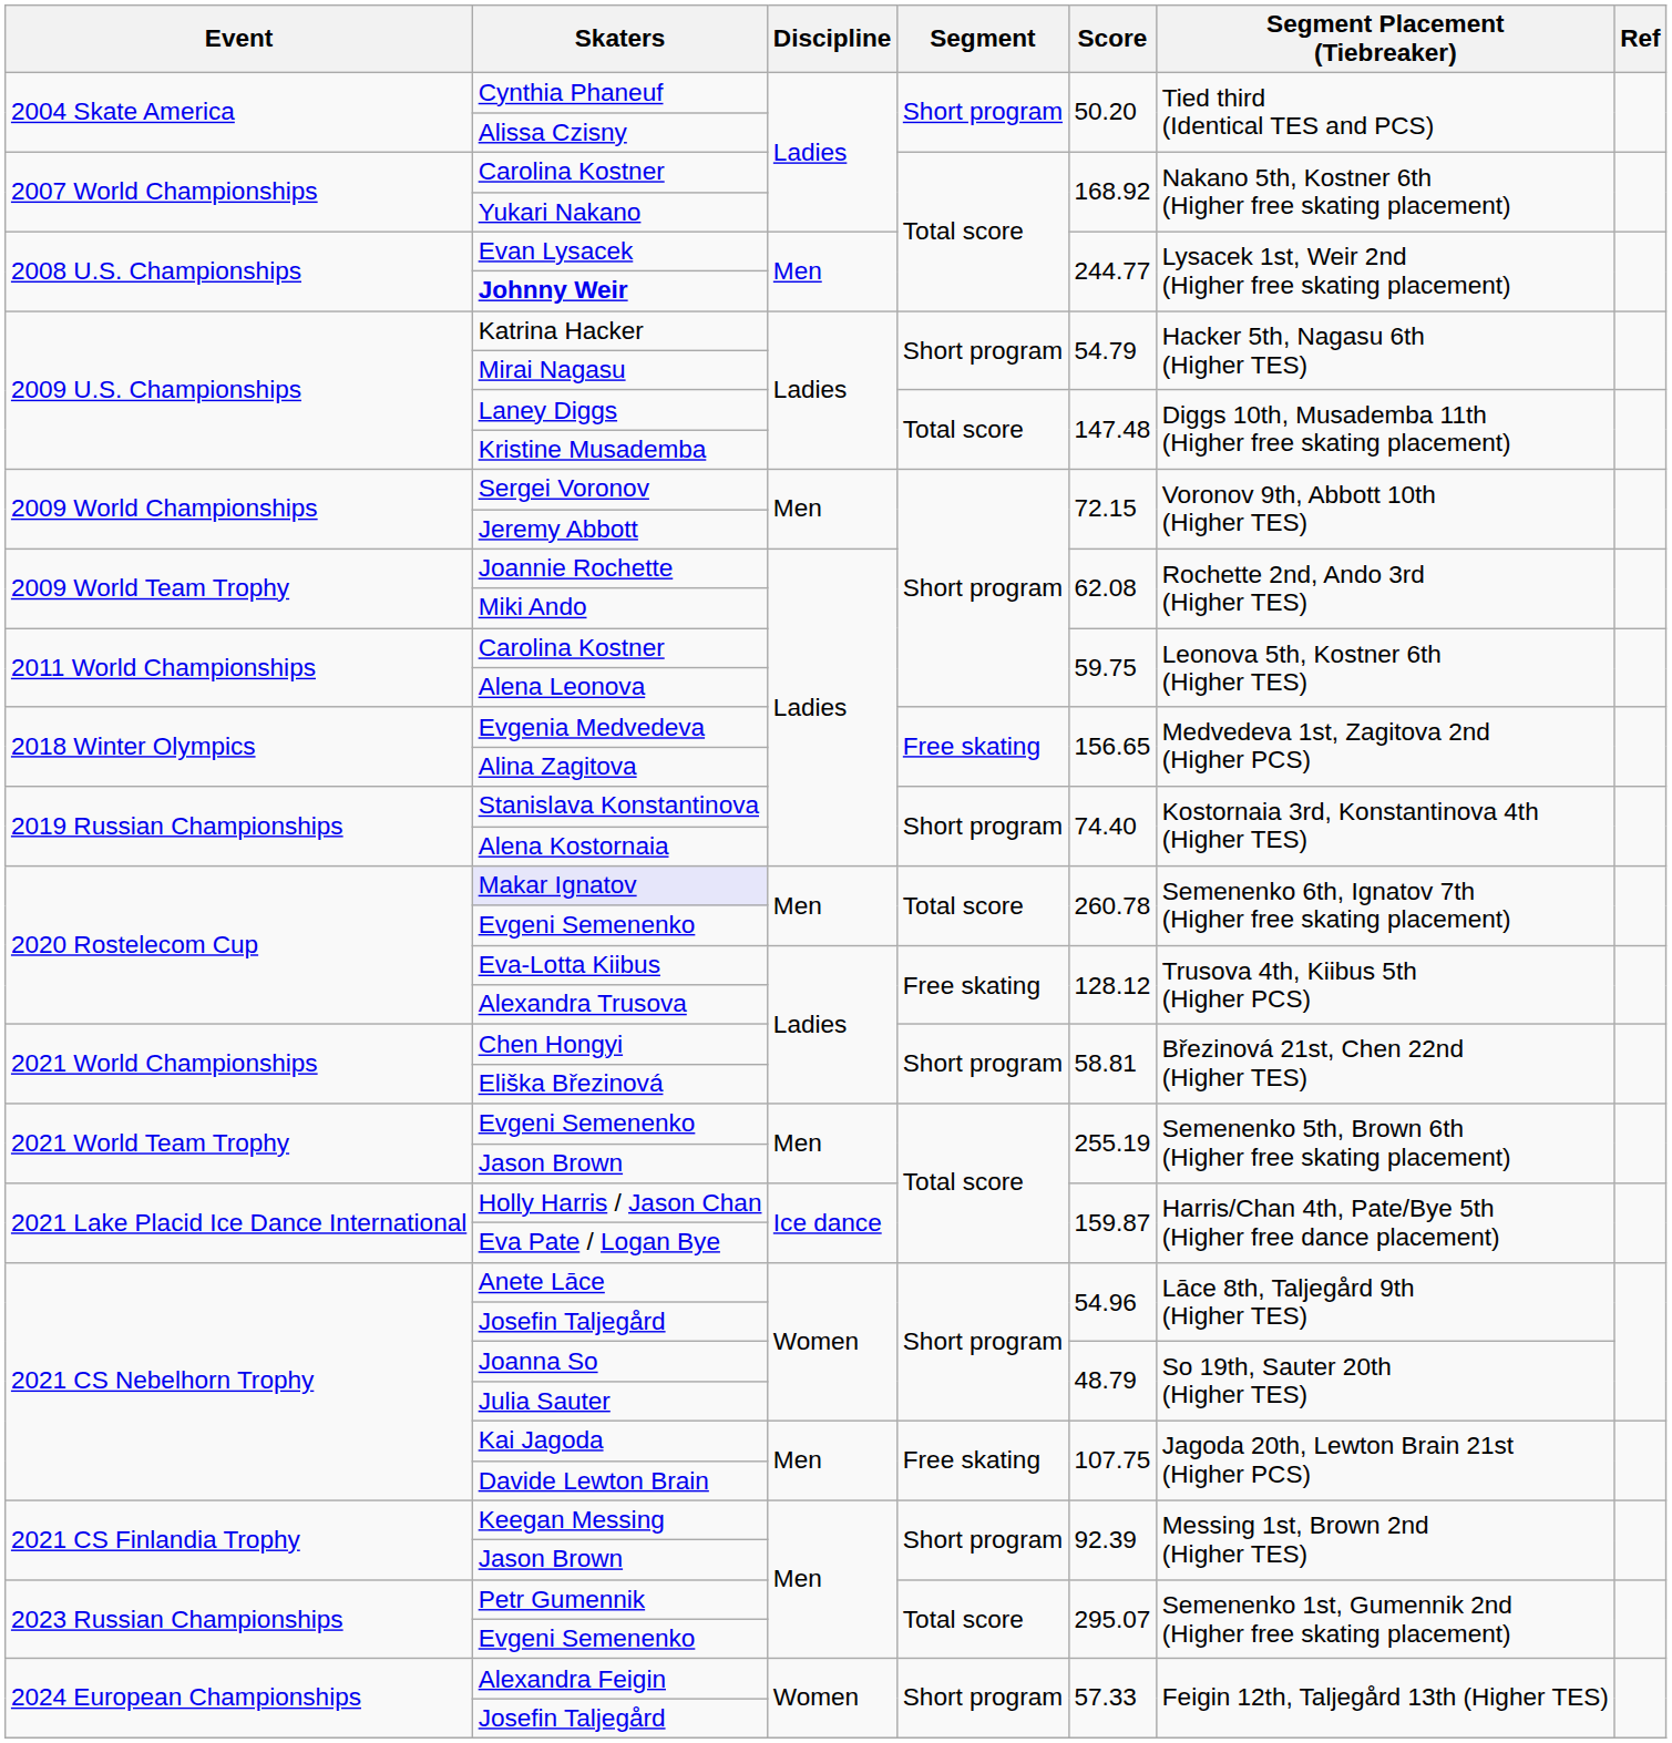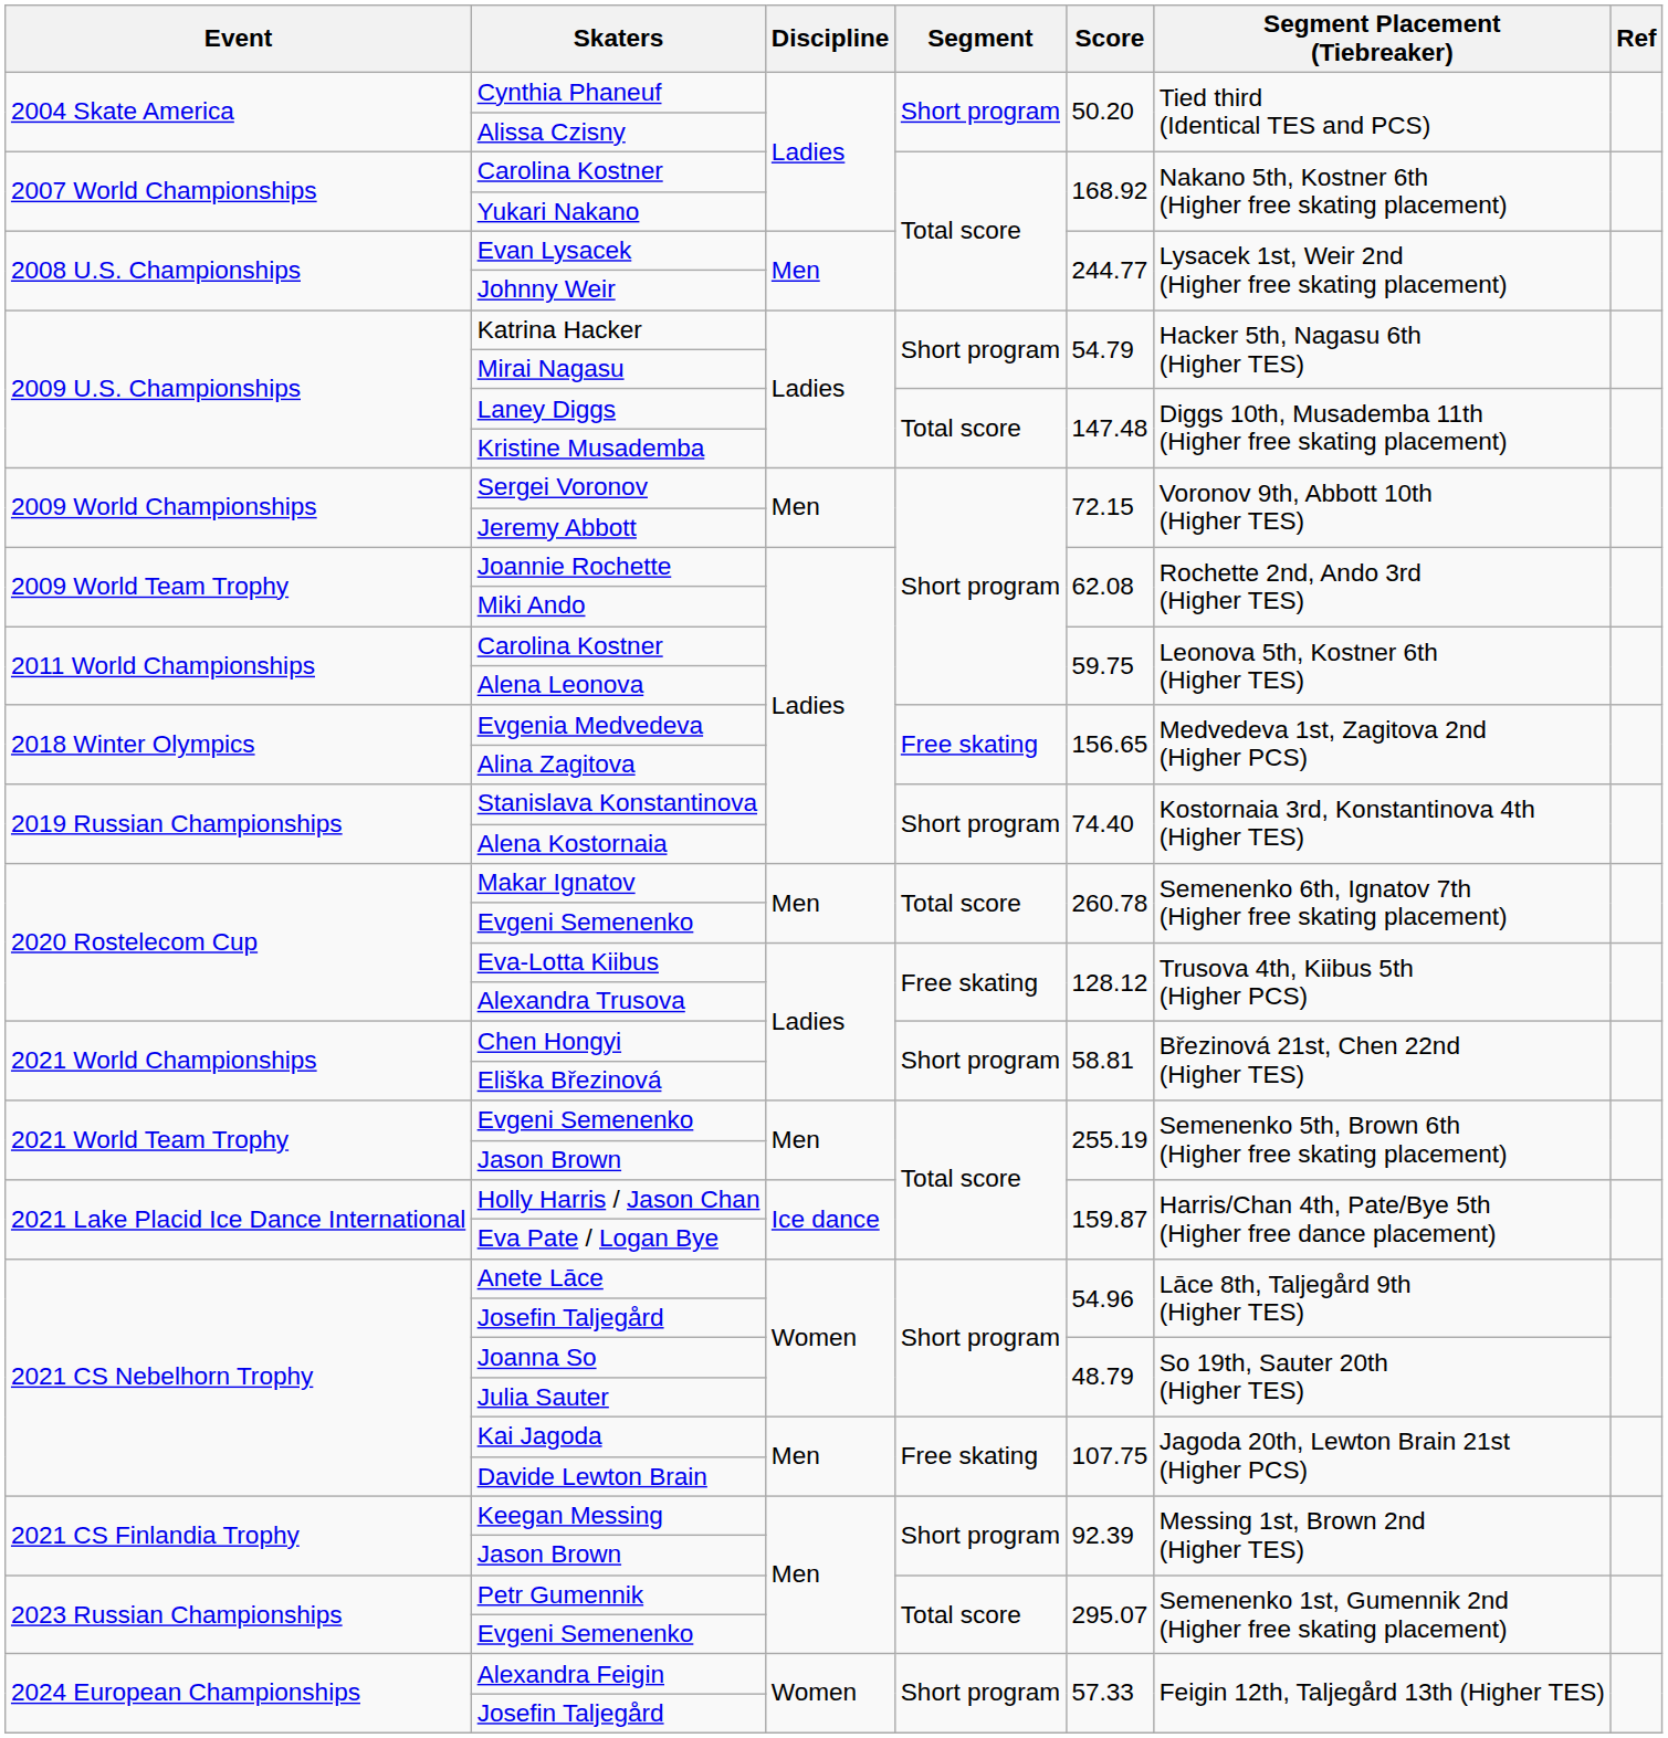 <table class="wikitable" style="text-align:left">
 <tr>
 <th>Event</th>
 <th>Skaters</th>
 <th>Discipline</th>
 <th>Segment</th>
 <th>Score</th>
 <th>Segment Placement<br>(Tiebreaker)</th>
 <th>Ref</th>
 </tr>
 <tr>
 <td rowspan=2><a href='#'>2004 Skate America</a></td>
 <td> <a href='#'>Cynthia Phaneuf</a></td>
 <td rowspan=4><a href='#'>Ladies</a></td>
 <td rowspan=2><a href='#'>Short program</a></td>
 <td rowspan=2>50.20</td>
 <td rowspan=2>Tied third <br> (Identical TES and PCS)</td>
 <td rowspan=2></td>
 </tr>
 <tr>
 <td> <a href='#'>Alissa Czisny</a></td>
 </tr>
 <tr>
 <td rowspan=2><a href='#'>2007 World Championships</a></td>
 <td> <a href='#'>Carolina Kostner</a></td>
 <td rowspan=4>Total score</td>
 <td rowspan=2>168.92</td>
 <td rowspan=2>Nakano 5th, Kostner 6th<br>(Higher free skating placement)</td>
 <td rowspan=2></td>
 </tr>
 <tr>
 <td> <a href='#'>Yukari Nakano</a></td>
 </tr>
 <tr>
 <td rowspan=2><a href='#'>2008 U.S. Championships</a></td>
 <td> <a href='#'>Evan Lysacek</a></td>
 <td rowspan=2><a href='#'>Men</a></td>
 <td rowspan=2>244.77</td>
 <td rowspan=2>Lysacek 1st, Weir 2nd<br>(Higher free skating placement)</td>
 <td rowspan=2></td>
 </tr>
 <tr>
-<td><strong> <a href='#'>Johnny Weir</a></strong></td>
+<td> <a href='#'>Johnny Weir</a></td>
 </tr>
 <tr>
 <td rowspan=4><a href='#'>2009 U.S. Championships</a></td>
 <td> Katrina Hacker</td>
 <td rowspan=4>Ladies</td>
 <td rowspan=2>Short program</td>
 <td rowspan=2>54.79</td>
 <td rowspan=2>Hacker 5th, Nagasu 6th<br>(Higher TES)</td>
 <td rowspan=2></td>
 </tr>
 <tr>
 <td> <a href='#'>Mirai Nagasu</a></td>
 </tr>
 <tr>
 <td> <a href='#'>Laney Diggs</a></td>
 <td rowspan=2>Total score</td>
 <td rowspan=2>147.48</td>
 <td rowspan=2>Diggs 10th, Musademba 11th<br>(Higher free skating placement)</td>
 <td rowspan=2></td>
 </tr>
 <tr>
 <td> <a href='#'>Kristine Musademba</a></td>
 </tr>
 <tr>
 <td rowspan=2><a href='#'>2009 World Championships</a></td>
 <td> <a href='#'>Sergei Voronov</a></td>
 <td rowspan=2>Men</td>
 <td rowspan=6>Short program</td>
 <td rowspan=2>72.15</td>
 <td rowspan=2>Voronov 9th, Abbott 10th<br>(Higher TES)</td>
 <td rowspan=2></td>
 </tr>
 <tr>
 <td> <a href='#'>Jeremy Abbott</a></td>
 </tr>
 <tr>
 <td rowspan=2><a href='#'>2009 World Team Trophy</a></td>
 <td> <a href='#'>Joannie Rochette</a></td>
 <td rowspan=8>Ladies</td>
 <td rowspan=2>62.08</td>
 <td rowspan=2>Rochette 2nd, Ando 3rd<br>(Higher TES)</td>
 <td rowspan=2></td>
 </tr>
 <tr>
 <td> <a href='#'>Miki Ando</a></td>
 </tr>
 <tr>
 <td rowspan=2><a href='#'>2011 World Championships</a></td>
 <td> <a href='#'>Carolina Kostner</a></td>
 <td rowspan=2>59.75</td>
 <td rowspan=2>Leonova 5th, Kostner 6th<br>(Higher TES)</td>
 <td rowspan=2></td>
 </tr>
 <tr>
 <td> <a href='#'>Alena Leonova</a></td>
 </tr>
 <tr>
 <td rowspan=2><a href='#'>2018 Winter Olympics</a></td>
 <td> <a href='#'>Evgenia Medvedeva</a></td>
 <td rowspan=2><a href='#'>Free skating</a></td>
 <td rowspan=2>156.65</td>
 <td rowspan=2>Medvedeva 1st, Zagitova 2nd<br>(Higher PCS)</td>
 <td rowspan=2></td>
 </tr>
 <tr>
 <td> <a href='#'>Alina Zagitova</a></td>
 </tr>
 <tr>
 <td rowspan=2><a href='#'>2019 Russian Championships</a></td>
 <td> <a href='#'>Stanislava Konstantinova</a></td>
 <td rowspan=2>Short program</td>
 <td rowspan=2>74.40</td>
 <td rowspan=2>Kostornaia 3rd, Konstantinova 4th<br>(Higher TES)</td>
 <td rowspan=2></td>
 </tr>
 <tr>
 <td> <a href='#'>Alena Kostornaia</a></td>
 </tr>
 <tr>
 <td rowspan=4><a href='#'>2020 Rostelecom Cup</a></td>
-<td style="background: lavender;"> <a href='#'>Makar Ignatov</a></td>
+<td> <a href='#'>Makar Ignatov</a></td>
 <td rowspan=2>Men</td>
 <td rowspan=2>Total score</td>
 <td rowspan=2>260.78</td>
 <td rowspan=2>Semenenko 6th, Ignatov 7th<br>(Higher free skating placement)</td>
 <td rowspan=2></td>
 </tr>
 <tr>
 <td> <a href='#'>Evgeni Semenenko</a></td>
 </tr>
 <tr>
 <td> <a href='#'>Eva-Lotta Kiibus</a></td>
 <td rowspan=4>Ladies</td>
 <td rowspan=2>Free skating</td>
 <td rowspan=2>128.12</td>
 <td rowspan=2>Trusova 4th, Kiibus 5th<br>(Higher PCS)</td>
 <td rowspan=2></td>
 </tr>
 <tr>
 <td> <a href='#'>Alexandra Trusova</a></td>
 </tr>
 <tr>
 <td rowspan=2><a href='#'>2021 World Championships</a></td>
 <td> <a href='#'>Chen Hongyi</a></td>
 <td rowspan=2>Short program</td>
 <td rowspan=2>58.81</td>
 <td rowspan=2>Březinová 21st, Chen 22nd<br>(Higher TES)</td>
 <td rowspan=2></td>
 </tr>
 <tr>
 <td> <a href='#'>Eliška Březinová</a></td>
 </tr>
 <tr>
 <td rowspan=2><a href='#'>2021 World Team Trophy</a></td>
 <td> <a href='#'>Evgeni Semenenko</a></td>
 <td rowspan=2>Men</td>
 <td rowspan=4>Total score</td>
 <td rowspan=2>255.19</td>
 <td rowspan=2>Semenenko 5th, Brown 6th<br>(Higher free skating placement)</td>
 <td rowspan=2></td>
 </tr>
 <tr>
 <td> <a href='#'>Jason Brown</a></td>
 </tr>
 <tr>
 <td rowspan=2><a href='#'>2021 Lake Placid Ice Dance International</a></td>
 <td> <a href='#'>Holly Harris</a> / <a href='#'>Jason Chan</a></td>
 <td rowspan=2><a href='#'>Ice dance</a></td>
 <td rowspan=2>159.87</td>
 <td rowspan=2>Harris/Chan 4th, Pate/Bye 5th<br>(Higher free dance placement)</td>
 <td rowspan=2></td>
 </tr>
 <tr>
 <td> <a href='#'>Eva Pate</a> / <a href='#'>Logan Bye</a></td>
 </tr>
 <tr>
 <td rowspan=6><a href='#'>2021 CS Nebelhorn Trophy</a></td>
 <td> <a href='#'>Anete Lāce</a></td>
 <td rowspan=4>Women</td>
 <td rowspan=4>Short program</td>
 <td rowspan=2>54.96</td>
 <td rowspan=2>Lāce 8th, Taljegård 9th<br>(Higher TES)</td>
 <td rowspan=4></td>
 </tr>
 <tr>
 <td> <a href='#'>Josefin Taljegård</a></td>
 </tr>
 <tr>
 <td> <a href='#'>Joanna So</a></td>
 <td rowspan=2>48.79</td>
 <td rowspan=2>So 19th, Sauter 20th<br>(Higher TES)</td>
 </tr>
 <tr>
 <td> <a href='#'>Julia Sauter</a></td>
 </tr>
 <tr>
 <td> <a href='#'>Kai Jagoda</a></td>
 <td rowspan=2>Men</td>
 <td rowspan=2>Free skating</td>
 <td rowspan=2>107.75</td>
 <td rowspan=2>Jagoda 20th, Lewton Brain 21st<br>(Higher PCS)</td>
 <td rowspan=2></td>
 </tr>
 <tr>
 <td> <a href='#'>Davide Lewton Brain</a></td>
 </tr>
 <tr>
 <td rowspan=2><a href='#'>2021 CS Finlandia Trophy</a></td>
 <td> <a href='#'>Keegan Messing</a></td>
 <td rowspan=4>Men</td>
 <td rowspan=2>Short program</td>
 <td rowspan=2>92.39</td>
 <td rowspan=2>Messing 1st, Brown 2nd<br>(Higher TES)</td>
 <td rowspan=2></td>
 </tr>
 <tr>
 <td> <a href='#'>Jason Brown</a></td>
 </tr>
 <tr>
 <td rowspan=2><a href='#'>2023 Russian Championships</a></td>
 <td> <a href='#'>Petr Gumennik</a></td>
 <td rowspan=2>Total score</td>
 <td rowspan=2>295.07</td>
 <td rowspan=2>Semenenko 1st, Gumennik 2nd<br>(Higher free skating placement)</td>
 <td rowspan=2></td>
 </tr>
 <tr>
 <td> <a href='#'>Evgeni Semenenko</a></td>
 </tr>
 <tr>
 <td rowspan="2"><a href='#'>2024 European Championships</a></td>
 <td> <a href='#'>Alexandra Feigin</a></td>
 <td rowspan="2">Women</td>
 <td rowspan="2">Short program</td>
 <td rowspan="2">57.33</td>
 <td rowspan="2">Feigin 12th, Taljegård 13th (Higher TES)</td>
 <td rowspan="2"></td>
 </tr>
 <tr>
 <td> <a href='#'>Josefin Taljegård</a></td>
 </tr>
 <tr>
 </tr>
 </table>
